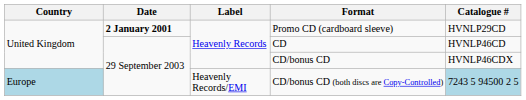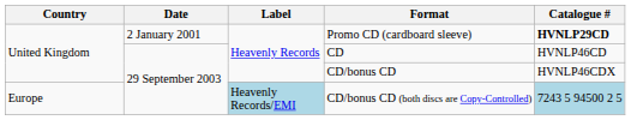 <table class="wikitable">
 <tr>
 <th width="150px">Country</th>
 <th width="130px">Date</th>
 <th width="120px">Label</th>
 <th>Format</th>
 <th>Catalogue #</th>
 </tr>
 <tr>
 <td rowspan="3">United Kingdom</td>
-<td><strong>2 January 2001</strong></td>
+<td>2 January 2001</td>
 <td rowspan="3"><a href='#'>Heavenly Records</a></td>
 <td>Promo CD (cardboard sleeve)</td>
-<td>HVNLP29CD</td>
+<td><strong>HVNLP29CD</strong></td>
 </tr>
 <tr>
 <td rowspan="3">29 September 2003</td>
 <td>CD</td>
 <td>HVNLP46CD</td>
 </tr>
 <tr>
 <td>CD/bonus CD</td>
 <td>HVNLP46CDX</td>
 </tr>
 <tr>
-<td style="background: lightblue;">Europe</td>
-<td>Heavenly Records/<a href='#'>EMI</a></td>
+<td>Europe</td>
+<td style="background: lightblue;">Heavenly Records/<a href='#'>EMI</a></td>
 <td>CD/bonus CD <small>(both discs are <a href='#'>Copy-Controlled</a>)</small></td>
 <td style="background: lightblue;">7243 5 94500 2 5</td>
 </tr>
 </table>
